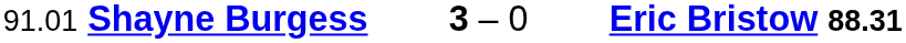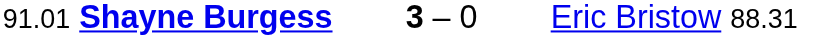 <table style="text-align:center">
 <tr>
 <th width=223></th>
 <th width=100></th>
 <th width=223></th>
 </tr>
 <tr>
 <td align=right><small>91.01</small> <strong><a href='#'>Shayne Burgess</a></strong> </td>
 <td><strong>3</strong> – 0</td>
-<td align=left><strong> <a href='#'>Eric Bristow</a> <small>88.31</small></strong></td>
+<td align=left> <a href='#'>Eric Bristow</a> <small>88.31</small></td>
 </tr>
 </table>
